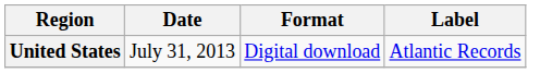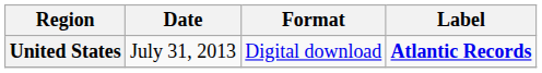 <table class="wikitable plainrowheaders">
 <tr>
 <th>Region</th>
 <th>Date</th>
 <th>Format</th>
 <th>Label</th>
 </tr>
 <tr>
 <th scope="row">United States</th>
 <td>July 31, 2013</td>
 <td><a href='#'>Digital download</a></td>
-<td><a href='#'>Atlantic Records</a></td>
+<td><strong><a href='#'>Atlantic Records</a></strong></td>
 </tr>
 <tr>
 </tr>
 </table>
